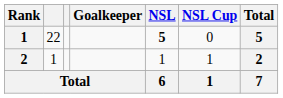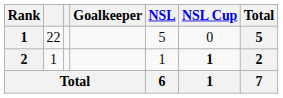 <table class="wikitable sortable" style="text-align:center">
 <tr>
 <th>Rank</th>
 <th></th>
 <th></th>
 <th>Goalkeeper</th>
 <th><a href='#'>NSL</a></th>
 <th><a href='#'>NSL Cup</a></th>
 <th>Total</th>
 </tr>
 <tr>
 <th>1</th>
 <td>22</td>
 <td></td>
 <td align="left"></td>
-<td><strong>5</strong></td>
+<td>5</td>
 <td>0</td>
 <th>5</th>
 </tr>
 <tr>
 <th>2</th>
 <td>1</td>
 <td></td>
 <td align="left"></td>
 <td>1</td>
-<td>1</td>
+<td><strong>1</strong></td>
 <th>2</th>
 </tr>
 <tr>
 <th colspan="4">Total</th>
 <th>6</th>
 <th>1</th>
 <th>7</th>
 </tr>
 </table>
